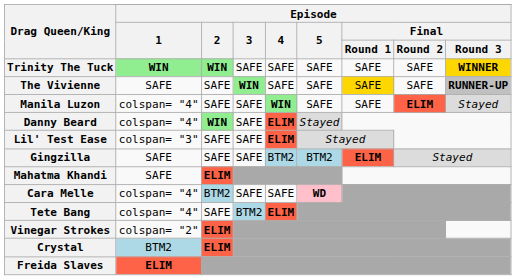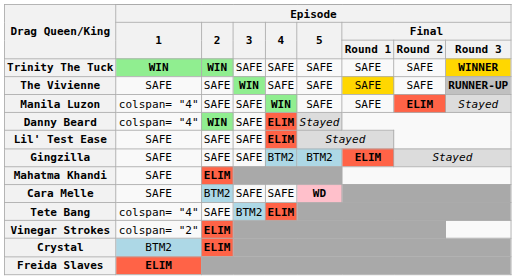 <table class="wikitable plainrowheaders" style="text-align:center">
 <tr>
 <th scope="col" rowspan="4">Drag Queen/King</th>
 </tr>
 <tr>
 <th scope="col" colspan="10">Episode</th>
 </tr>
 <tr>
 <th scope="col" rowspan="2">1</th>
 <th scope="col" rowspan="2">2</th>
 <th scope="col" rowspan="2">3</th>
 <th scope="col" rowspan="2">4</th>
 <th scope="col" rowspan="2">5</th>
 <th scope="col" colspan="3">Final</th>
 </tr>
 <tr>
 <th scope="col">Round 1</th>
 <th scope="col">Round 2</th>
 <th scope="col">Round 3</th>
 </tr>
 <tr>
 <th>Trinity The Tuck</th>
 <td style="background:lightgreen;"><strong>WIN</strong></td>
 <td style="background:lightgreen;"><strong>WIN</strong></td>
 <td>SAFE</td>
 <td>SAFE</td>
 <td>SAFE</td>
 <td>SAFE</td>
 <td>SAFE</td>
 <td style="background:gold;"><strong>WINNER</strong></td>
 </tr>
 <tr>
 <th>The Vivienne</th>
 <td>SAFE</td>
 <td>SAFE</td>
 <td style="background:lightgreen;"><strong>WIN</strong></td>
 <td>SAFE</td>
 <td>SAFE</td>
 <td style="background: gold;">SAFE</td>
 <td>SAFE</td>
 <td style="background:silver;"><strong>RUNNER-UP</strong></td>
 </tr>
 <tr>
 <th>Manila Luzon</th>
 <td>colspan= "4" </td>
 <td>SAFE</td>
 <td>SAFE</td>
 <td style="background:lightgreen;"><strong>WIN</strong></td>
 <td>SAFE</td>
 <td>SAFE</td>
 <td style="background:tomato;"><strong>ELIM</strong></td>
 <td bgcolor="gainsboro"><em>Stayed</em></td>
 </tr>
 <tr>
 <th>Danny Beard</th>
 <td>colspan= "4" </td>
 <td style="background:lightgreen;"><strong>WIN</strong></td>
 <td>SAFE</td>
 <td style="background:tomato;"><strong>ELIM</strong></td>
 <td bgcolor="gainsboro"><em>Stayed</em></td>
 </tr>
 <tr>
 <th>Lil' Test Ease</th>
-<td>colspan= "3" </td>
+<td>SAFE</td>
 <td>SAFE</td>
 <td>SAFE</td>
 <td style="background:tomato;"><strong>ELIM</strong></td>
 <td colspan="2" bgcolor="gainsboro"><em>Stayed</em></td>
 </tr>
 <tr>
 <th>Gingzilla</th>
 <td>SAFE</td>
 <td>SAFE</td>
 <td>SAFE</td>
 <td style="background:lightblue;">BTM2</td>
 <td style="background:lightblue;">BTM2</td>
 <td style="background:tomato;"><strong>ELIM</strong></td>
 <td colspan="2" bgcolor="gainsboro"><em>Stayed</em></td>
 </tr>
 <tr>
 <th>Mahatma Khandi</th>
 <td>SAFE</td>
 <td style="background:tomato;"><strong>ELIM</strong></td>
 <td colspan="3" bgcolor="darkgray"></td>
 </tr>
 <tr>
 <th>Cara Melle</th>
-<td>colspan= "4" </td>
+<td>SAFE</td>
 <td style="background:lightblue;">BTM2</td>
 <td>SAFE</td>
 <td>SAFE</td>
 <td style="background:pink;"><strong>WD</strong></td>
 <td colspan="3" bgcolor="darkgray"></td>
 </tr>
 <tr>
 <th>Tete Bang</th>
 <td>colspan= "4" </td>
 <td>SAFE</td>
 <td style="background:lightblue;">BTM2</td>
 <td style="background:tomato;"><strong>ELIM</strong></td>
 <td colspan="4" bgcolor="darkgray"></td>
 </tr>
 <tr>
 <th>Vinegar Strokes</th>
 <td>colspan= "2" </td>
 <td style="background:tomato;"><strong>ELIM</strong></td>
 <td colspan="5" bgcolor="darkgray"></td>
 </tr>
 <tr>
 <th>Crystal</th>
 <td style="background:lightblue;">BTM2</td>
 <td style="background:tomato;"><strong>ELIM</strong></td>
 <td colspan="6" bgcolor="darkgray"></td>
 </tr>
 <tr>
 <th>Freida Slaves</th>
 <td style="background:tomato;"><strong>ELIM</strong></td>
 <td colspan="7" bgcolor="darkgray"></td>
 </tr>
 </table>
